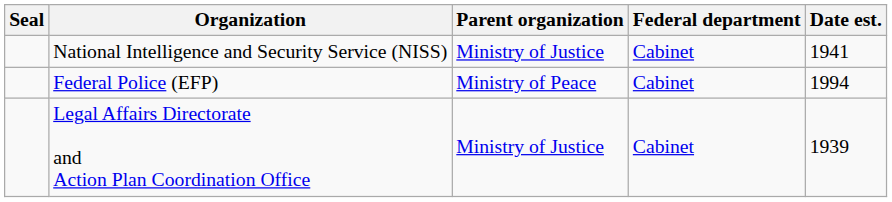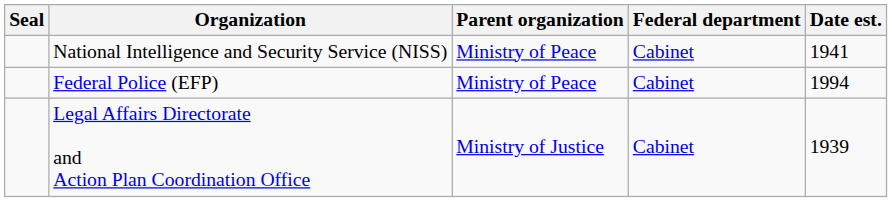 <table class="wikitable sortable">
 <tr>
 <th>Seal</th>
 <th>Organization</th>
 <th>Parent organization</th>
 <th>Federal department</th>
 <th>Date est.</th>
 </tr>
 <tr>
 <td></td>
 <td>National Intelligence and Security Service (NISS)</td>
-<td><a href='#'>Ministry of Justice</a></td>
+<td><a href='#'>Ministry of Peace</a></td>
 <td><a href='#'>Cabinet</a></td>
 <td>1941</td>
 </tr>
 <tr>
 <td></td>
 <td><a href='#'>Federal Police</a> (EFP)</td>
 <td><a href='#'>Ministry of Peace</a></td>
 <td><a href='#'>Cabinet</a></td>
 <td>1994</td>
 </tr>
 <tr>
 <td></td>
 <td><a href='#'>Legal Affairs Directorate</a><br><br>and <br><a href='#'>Action Plan Coordination Office</a></td>
 <td><a href='#'>Ministry of Justice</a></td>
 <td><a href='#'>Cabinet</a></td>
 <td>1939</td>
 </tr>
 </table>
